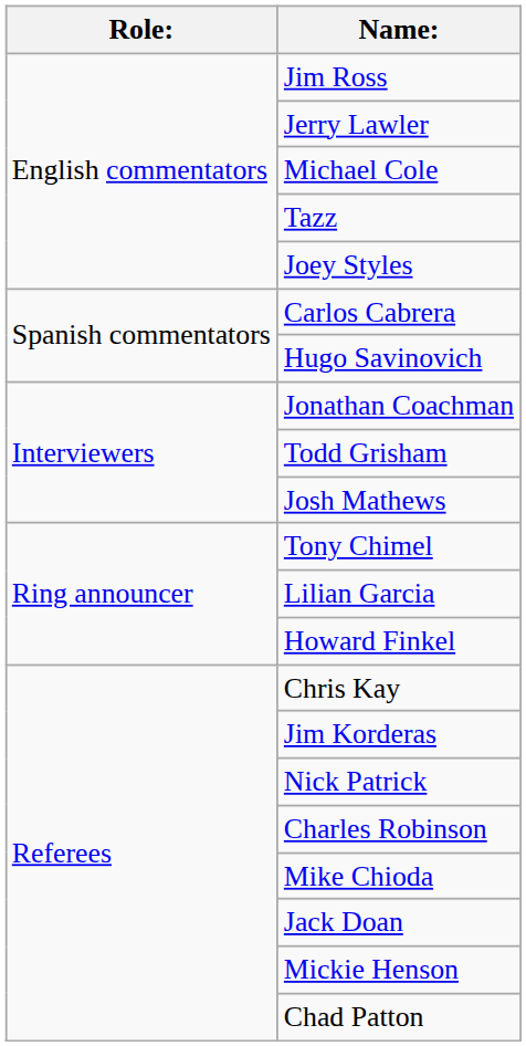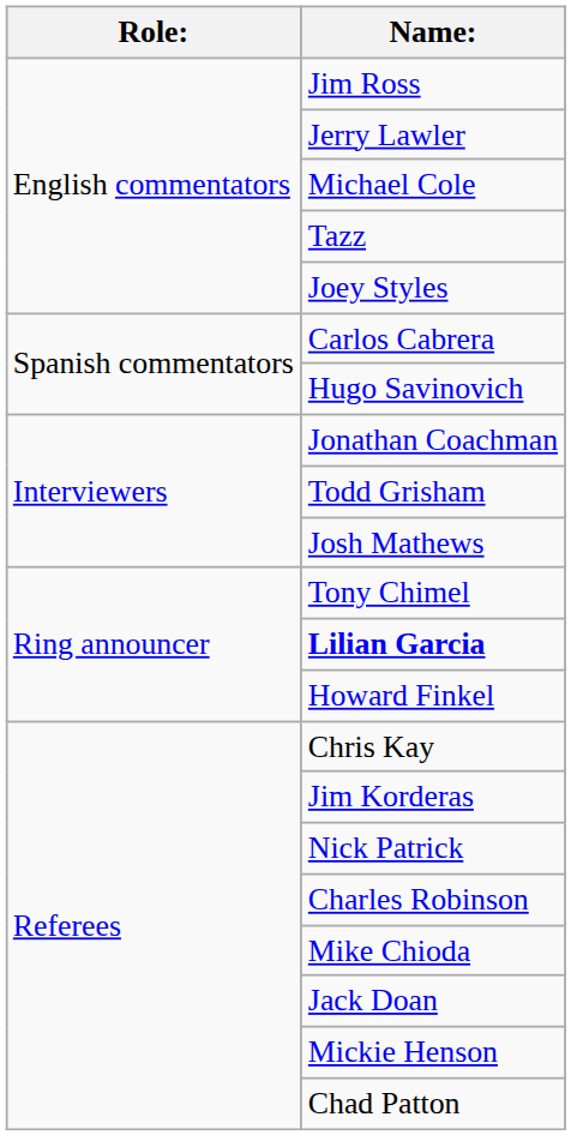 <table class=wikitable style="font-size:90%; margin: 0.5em 0 0.5em 1em; float: right; clear: right;">
 <tr>
 <th>Role:</th>
 <th>Name:</th>
 </tr>
 <tr>
 <td rowspan=5>English <a href='#'>commentators</a></td>
 <td><a href='#'>Jim Ross</a> </td>
 </tr>
 <tr>
 <td><a href='#'>Jerry Lawler</a> </td>
 </tr>
 <tr>
 <td><a href='#'>Michael Cole</a> </td>
 </tr>
 <tr>
 <td><a href='#'>Tazz</a> </td>
 </tr>
 <tr>
 <td><a href='#'>Joey Styles</a> </td>
 </tr>
 <tr>
 <td rowspan=2>Spanish commentators</td>
 <td><a href='#'>Carlos Cabrera</a></td>
 </tr>
 <tr>
 <td><a href='#'>Hugo Savinovich</a></td>
 </tr>
 <tr>
 <td rowspan=3><a href='#'>Interviewers</a></td>
 <td><a href='#'>Jonathan Coachman</a></td>
 </tr>
 <tr>
 <td><a href='#'>Todd Grisham</a></td>
 </tr>
 <tr>
 <td><a href='#'>Josh Mathews</a></td>
 </tr>
 <tr>
 <td rowspan=3><a href='#'>Ring announcer</a></td>
 <td><a href='#'>Tony Chimel</a> </td>
 </tr>
 <tr>
-<td><a href='#'>Lilian Garcia</a> </td>
+<td><strong><a href='#'>Lilian Garcia</a> </strong></td>
 </tr>
 <tr>
 <td><a href='#'>Howard Finkel</a> </td>
 </tr>
 <tr>
 <td rowspan=8><a href='#'>Referees</a></td>
 <td>Chris Kay  </td>
 </tr>
 <tr>
 <td><a href='#'>Jim Korderas</a>  </td>
 </tr>
 <tr>
 <td><a href='#'>Nick Patrick</a>  </td>
 </tr>
 <tr>
 <td><a href='#'>Charles Robinson</a>  </td>
 </tr>
 <tr>
 <td><a href='#'>Mike Chioda</a> </td>
 </tr>
 <tr>
 <td><a href='#'>Jack Doan</a> </td>
 </tr>
 <tr>
 <td><a href='#'>Mickie Henson</a> </td>
 </tr>
 <tr>
 <td>Chad Patton </td>
 </tr>
 <tr>
 </tr>
 </table>
